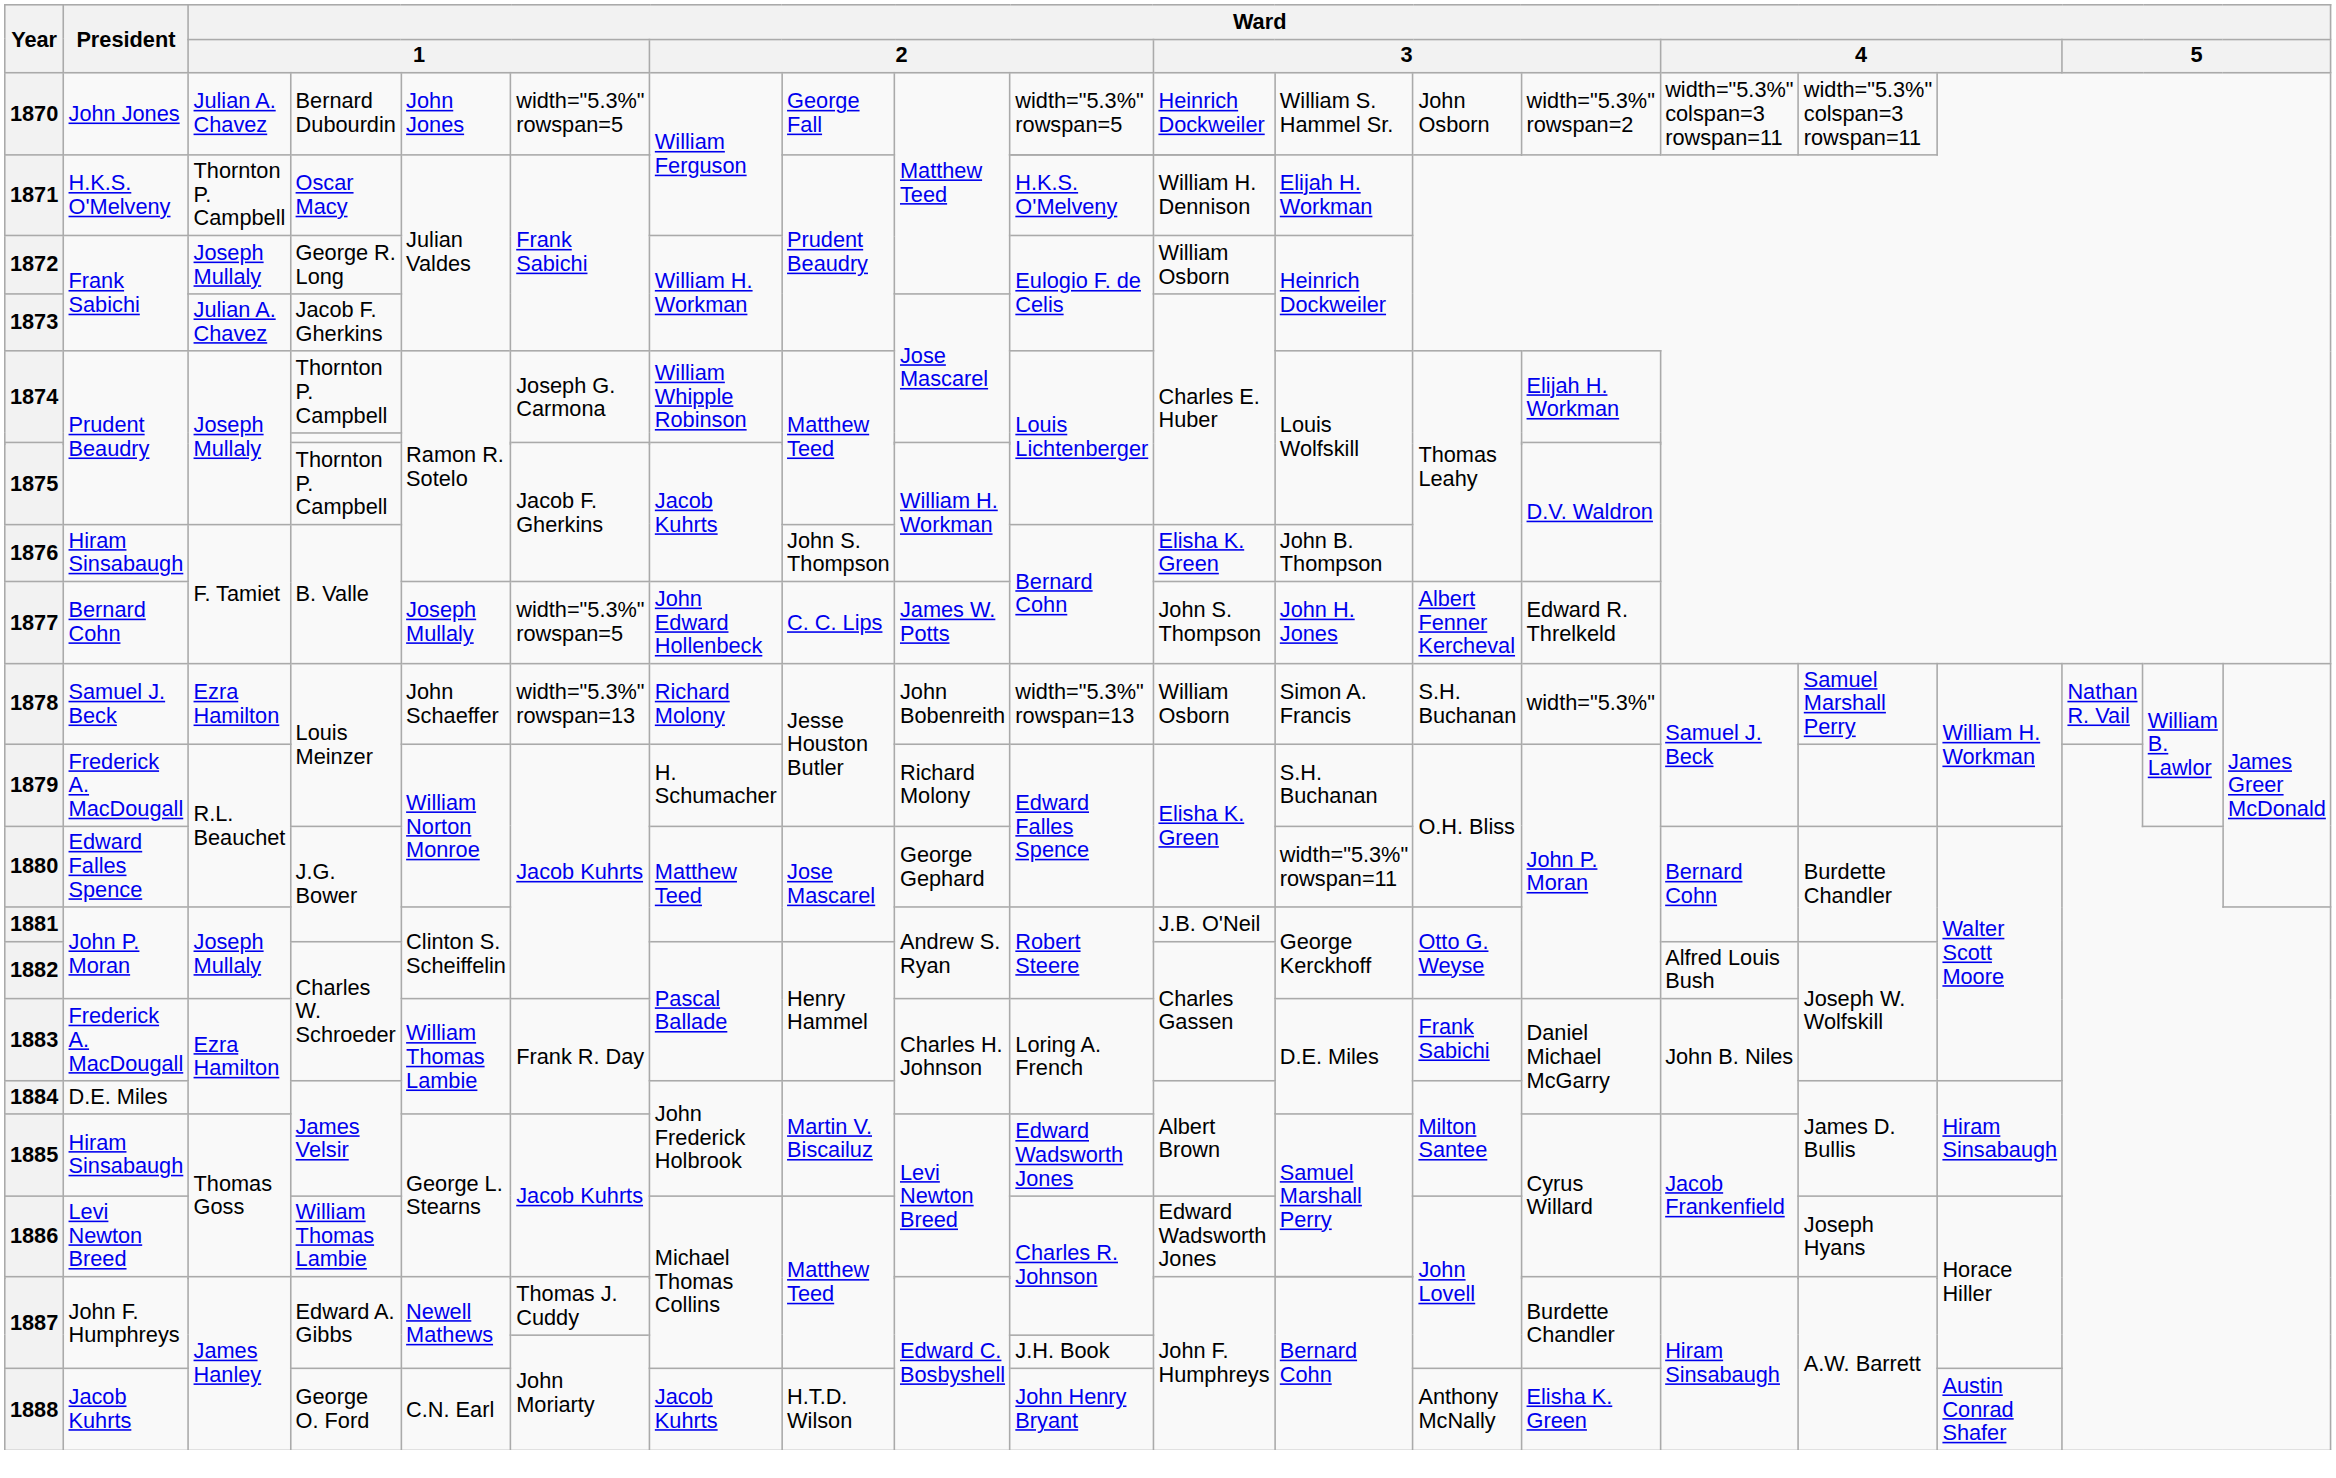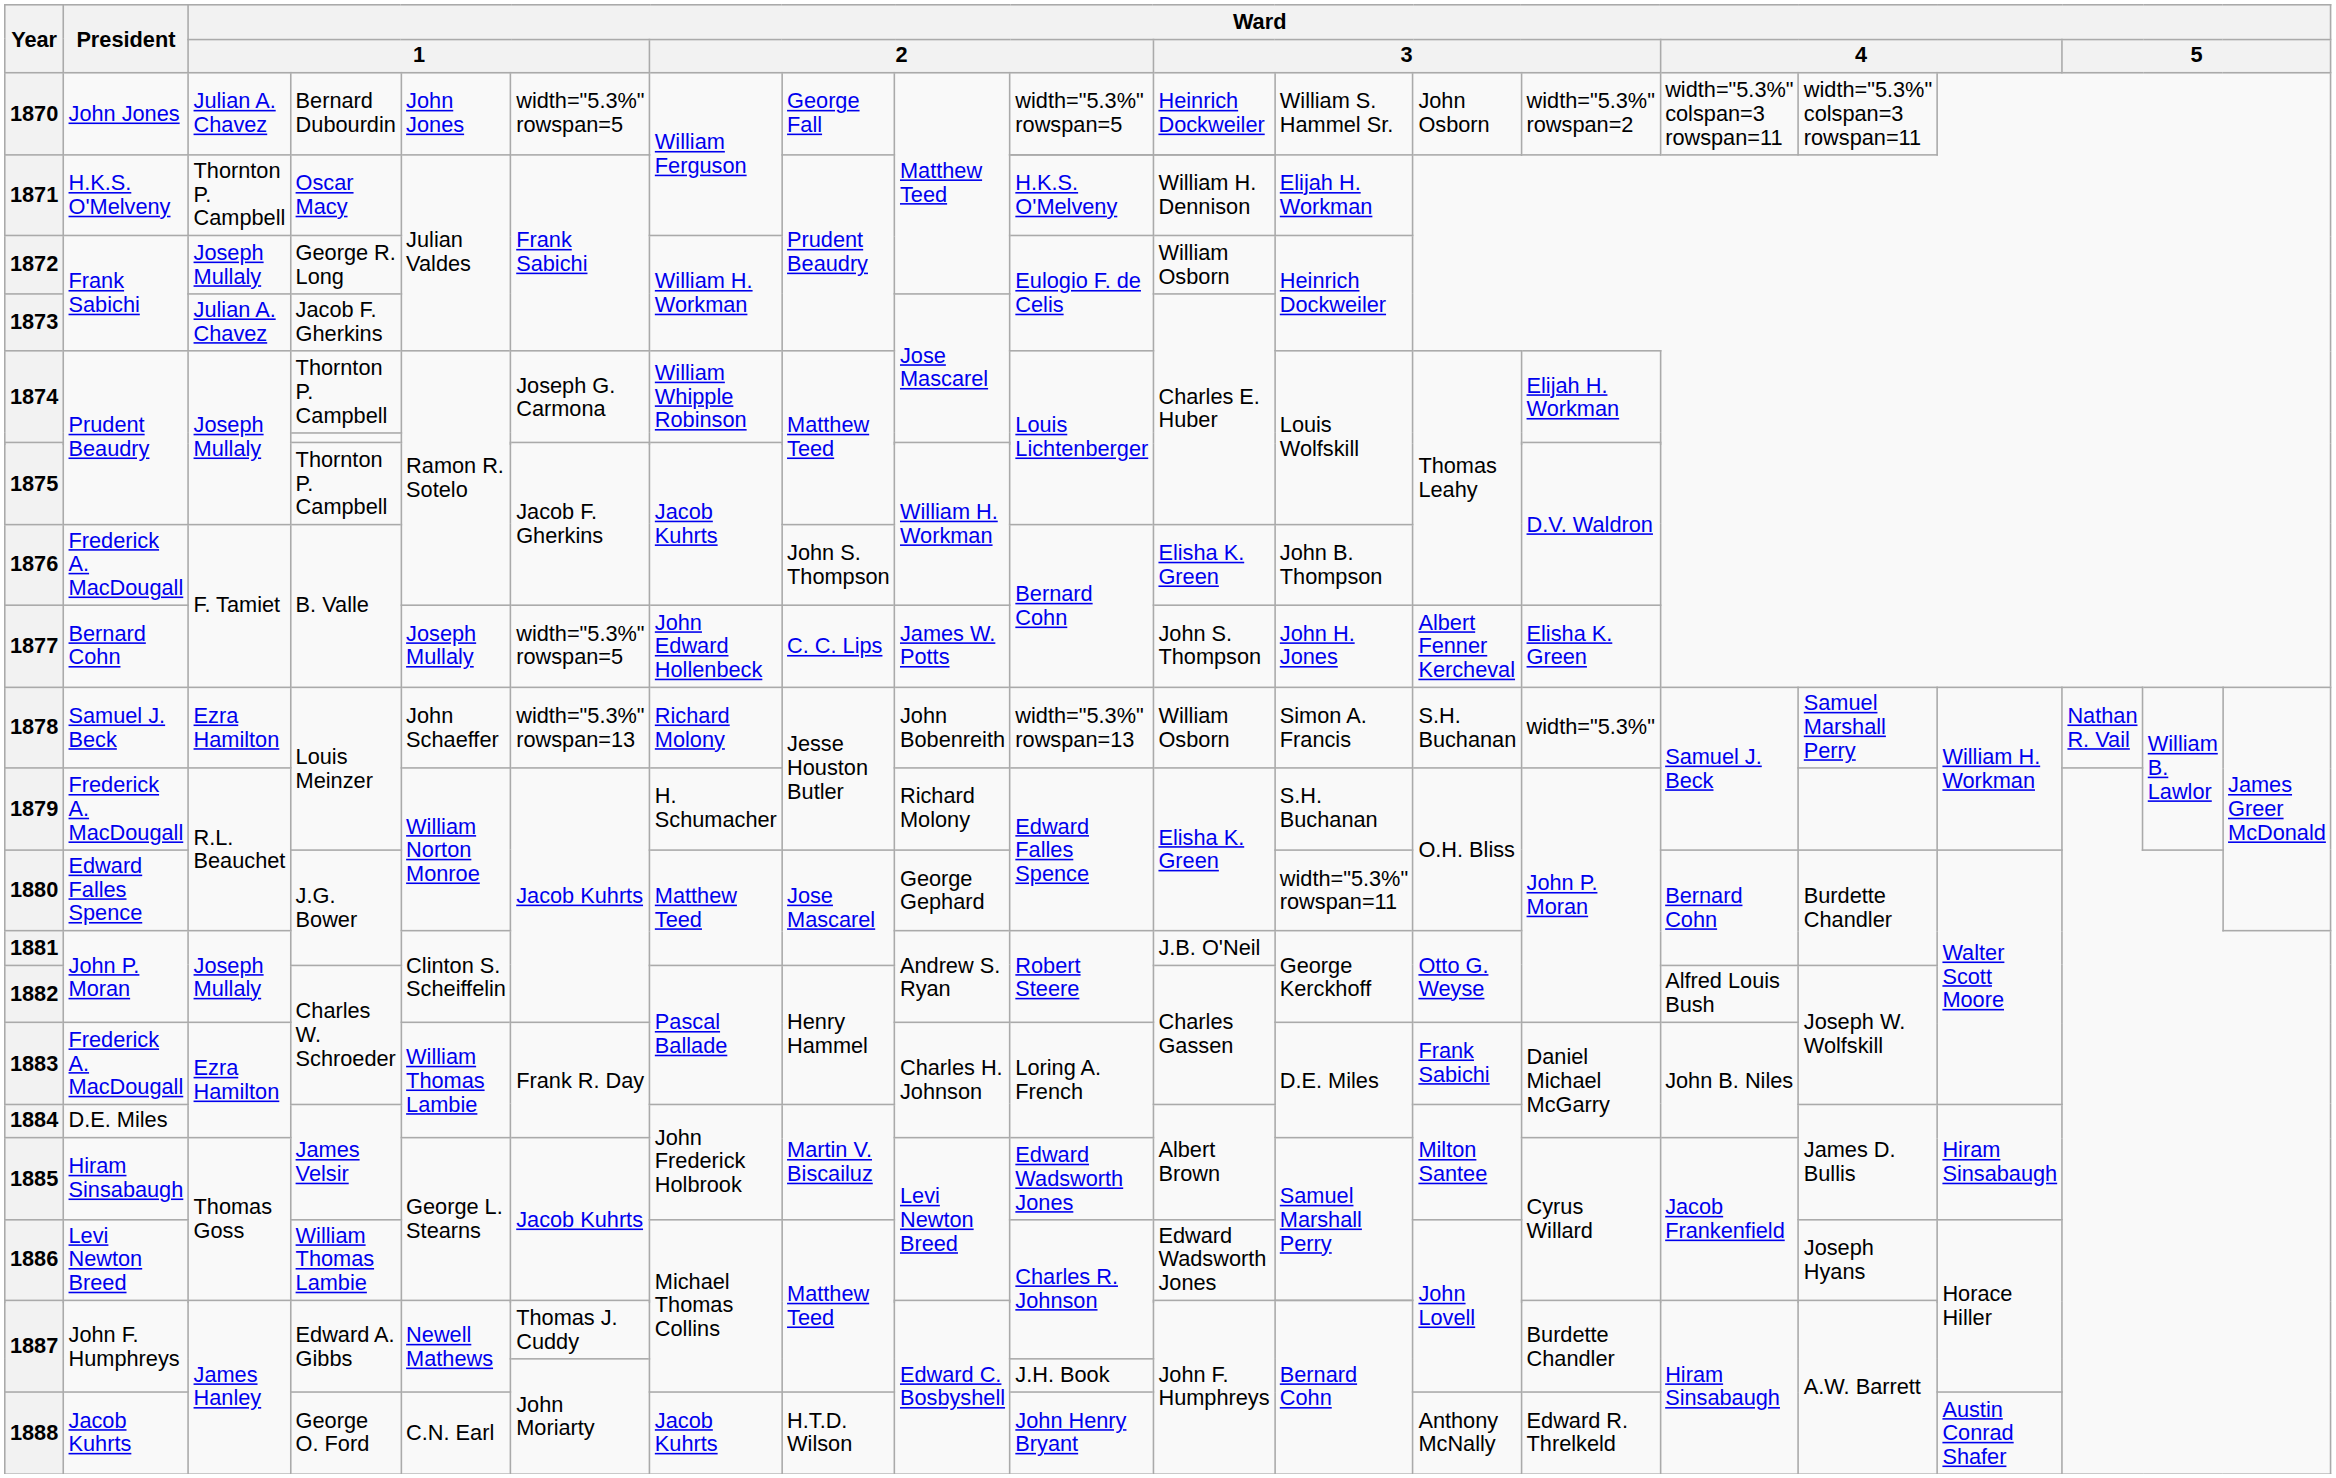 <table class="wikitable" width=100% style="font-size: 86%;">
 <tr>
 <th rowspan="2" width="4.6%">Year</th>
 <th rowspan=2 width="4.6%">President</th>
 <th colspan="18" align="left">Ward</th>
 </tr>
 <tr>
 <th colspan=4>1</th>
 <th colspan=4>2</th>
 <th colspan=4>3</th>
 <th colspan=3>4</th>
 <th colspan=3>5</th>
 </tr>
 <tr>
 <th rowspan=2>1870</th>
 <td width="5.3%" rowspan=2><a href='#'>John Jones</a></td>
 <td width="5.3%" rowspan=2><a href='#'>Julian A. Chavez</a></td>
 <td width="5.3%" rowspan=2>Bernard Dubourdin</td>
 <td width="5.3%" rowspan=2><a href='#'>John Jones</a></td>
 <td>width="5.3%" rowspan=5 </td>
 <td width="5.3%" rowspan=3><a href='#'>William Ferguson</a></td>
 <td width="5.3%" rowspan=2><a href='#'>George Fall</a></td>
 <td width="5.3%" rowspan=4><a href='#'>Matthew Teed</a></td>
 <td>width="5.3%" rowspan=5 </td>
 <td width="5.3%"><a href='#'>Heinrich Dockweiler</a></td>
 <td width="5.3%" rowspan=2>William S. Hammel Sr.</td>
 <td width="5.3%" rowspan=2>John Osborn</td>
 <td>width="5.3%" rowspan=2 </td>
 <td>width="5.3%" colspan=3 rowspan=11 </td>
 <td>width="5.3%" colspan=3 rowspan=11 </td>
 </tr>
 <tr>
 <td width="5.3%" rowspan=4><a href='#'>Frank Sabichi</a></td>
 </tr>
 <tr>
 <th>1871</th>
 <td width="5.3%"><a href='#'>H.K.S. O'Melveny</a></td>
 <td width="5.3%">Thornton P. Campbell</td>
 <td width="5.3%"><a href='#'>Oscar Macy</a></td>
 <td width="5.3%" rowspan=3>Julian Valdes</td>
 <td width="5.3%" rowspan=3><a href='#'>Prudent Beaudry</a></td>
 <td width="5.3%"><a href='#'>H.K.S. O'Melveny</a></td>
 <td width="5.3%">William H. Dennison</td>
 <td width="5.3%"><a href='#'>Elijah H. Workman</a></td>
 </tr>
 <tr>
 <th>1872</th>
 <td width="5.3%" rowspan=2><a href='#'>Frank Sabichi</a></td>
 <td width="5.3%"><a href='#'>Joseph Mullaly</a></td>
 <td width="5.3%">George R. Long</td>
 <td width="5.3%" rowspan=2><a href='#'>William H. Workman</a></td>
 <td width="5.3%" rowspan=2><a href='#'>Eulogio F. de Celis</a></td>
 <td width="5.3%">William Osborn</td>
 <td width="5.3%" rowspan=2><a href='#'>Heinrich Dockweiler</a></td>
 </tr>
 <tr>
 <th>1873</th>
 <td width="5.3%"><a href='#'>Julian A. Chavez</a></td>
 <td width="5.3%">Jacob F. Gherkins</td>
 <td width="5.3%"  rowspan=4><a href='#'>Jose Mascarel</a></td>
 <td width="5.3%" rowspan=5>Charles E. Huber</td>
 </tr>
 <tr>
 <th rowspan=3>1874</th>
 <td width="5.3%" rowspan=4><a href='#'>Prudent Beaudry</a></td>
 <td width="5.3%" rowspan=4><a href='#'>Joseph Mullaly</a></td>
 <td width="5.3%">Thornton P. Campbell</td>
 <td width="5.3%" rowspan=5>Ramon R. Sotelo</td>
 <td width="5.3%" rowspan=3>Joseph G. Carmona</td>
 <td width="5.3%" rowspan=3><a href='#'>William Whipple Robinson</a></td>
 <td width="5.3%" rowspan=4><a href='#'>Matthew Teed</a></td>
 <td width="5.3%" rowspan=4><a href='#'>Louis Lichtenberger</a></td>
 <td width="5.3%" rowspan=4>Louis Wolfskill</td>
 <td width="5.3%" rowspan=5>Thomas Leahy</td>
 <td width="5.3%" rowspan=3><a href='#'>Elijah H. Workman</a></td>
 </tr>
 <tr>
 <td></td>
 </tr>
 <tr>
 <td width="5.3%" rowspan=2>Thornton P. Campbell</td>
 </tr>
 <tr>
 <th>1875</th>
 <td width="5.3%" rowspan=2>Jacob F. Gherkins</td>
 <td width="5.3%" rowspan=2><a href='#'>Jacob Kuhrts</a></td>
 <td width="5.3%" rowspan=2><a href='#'>William H. Workman</a></td>
 <td width="5.3%" rowspan=2><a href='#'>D.V. Waldron</a></td>
 </tr>
 <tr>
 <th>1876</th>
-<td width="5.3%"><a href='#'>Hiram Sinsabaugh</a></td>
+<td width="5.3%" rowspan=1><a href='#'>Frederick A. MacDougall</a></td>
 <td width="5.3%" rowspan=2>F. Tamiet</td>
 <td width="5.3%" rowspan=2>B. Valle</td>
 <td width="5.3%">John S. Thompson</td>
 <td width="5.3%" rowspan=2><a href='#'>Bernard Cohn</a></td>
 <td width="5.3%"><a href='#'>Elisha K. Green</a></td>
 <td width="5.3%">John B. Thompson</td>
 </tr>
 <tr>
 <th>1877</th>
 <td width="5.3%" rowspan=1><a href='#'>Bernard Cohn</a></td>
 <td width="5.3%"><a href='#'>Joseph Mullaly</a></td>
 <td>width="5.3%" rowspan=5 </td>
 <td width="5.3%"><a href='#'>John Edward Hollenbeck</a></td>
 <td width="5.3%"><a href='#'>C. C. Lips</a></td>
 <td width="5.3%"><a href='#'>James W. Potts</a></td>
 <td width="5.3%">John S. Thompson</td>
 <td width="5.3%"><a href='#'>John H. Jones</a></td>
 <td width="5.3%"><a href='#'>Albert Fenner Kercheval</a></td>
-<td width="5.3%">Edward R. Threlkeld</td>
+<td width="5.3%"><a href='#'>Elisha K. Green</a></td>
 </tr>
 <tr>
 <th>1878</th>
 <td width="5.3%"><a href='#'>Samuel J. Beck</a></td>
 <td width="5.3%"><a href='#'>Ezra Hamilton</a></td>
 <td width="5.3%" rowspan=2>Louis Meinzer</td>
 <td width="5.3%">John Schaeffer</td>
 <td>width="5.3%" rowspan=13</td>
 <td width="5.3%"><a href='#'>Richard Molony</a></td>
 <td width="5.3%" rowspan=2>Jesse Houston Butler</td>
 <td width="5.3%">John Bobenreith</td>
 <td>width="5.3%" rowspan=13</td>
 <td width="5.3%">William Osborn</td>
 <td width="5.3%">Simon A. Francis</td>
 <td width="5.3%">S.H. Buchanan</td>
 <td>width="5.3%" </td>
 <td width="5.3%" rowspan=2><a href='#'>Samuel J. Beck</a></td>
 <td width="5.3%"><a href='#'>Samuel Marshall Perry</a></td>
 <td width="5.3%" rowspan=2><a href='#'>William H. Workman</a></td>
 <td width="5.3%"><a href='#'>Nathan R. Vail</a></td>
 <td width="5.3%" rowspan=2><a href='#'>William B. Lawlor</a></td>
 <td width="5.3%" rowspan=3><a href='#'>James Greer McDonald</a></td>
 </tr>
 <tr>
 <th>1879</th>
 <td width="5.3%" rowspan=1><a href='#'>Frederick A. MacDougall</a></td>
 <td width="5.3%" rowspan=2>R.L. Beauchet</td>
 <td width="5.3%" rowspan=2><a href='#'>William Norton Monroe</a></td>
 <td width="5.3%" rowspan=4><a href='#'>Jacob Kuhrts</a></td>
 <td width="5.3%">H. Schumacher</td>
 <td width="5.3%">Richard Molony</td>
 <td width="5.3%" rowspan=2><a href='#'>Edward Falles Spence</a></td>
 <td width="5.3%" rowspan=2><a href='#'>Elisha K. Green</a></td>
 <td width="5.3%">S.H. Buchanan</td>
 <td rowspan=2 width="5.3%">O.H. Bliss</td>
 <td width="5.3%" rowspan=4><a href='#'>John P. Moran</a></td>
 </tr>
 <tr>
 <th>1880</th>
 <td width="5.3%"><a href='#'>Edward Falles Spence</a></td>
 <td width="5.3%" rowspan=2>J.G. Bower</td>
 <td width="5.3%" rowspan=2><a href='#'>Matthew Teed</a></td>
 <td width="5.3%" rowspan=2><a href='#'>Jose Mascarel</a></td>
 <td width="5.3%">George Gephard</td>
 <td>width="5.3%" rowspan=11</td>
 <td width="5.3%" rowspan=2><a href='#'>Bernard Cohn</a></td>
 <td width="5.3%" rowspan=2>Burdette Chandler</td>
 <td width="5.3%" rowspan=4><a href='#'>Walter Scott Moore</a></td>
 </tr>
 <tr>
 <th>1881</th>
 <td width="5.3%" rowspan=2><a href='#'>John P. Moran</a></td>
 <td width="5.3%" rowspan=2><a href='#'>Joseph Mullaly</a></td>
 <td width="5.3%" rowspan=2>Clinton S. Scheiffelin</td>
 <td width="5.3%" rowspan=2>Andrew S. Ryan</td>
 <td width="5.3%" rowspan=2><a href='#'>Robert Steere</a></td>
 <td width="5.3%">J.B. O'Neil</td>
 <td width="5.3%" rowspan=2>George Kerckhoff</td>
 <td width="5.3%" rowspan=2><a href='#'>Otto G. Weyse</a></td>
 </tr>
 <tr>
 <th>1882</th>
 <td width="5.3%" rowspan=2>Charles W. Schroeder</td>
 <td width="5.3%" rowspan=2><a href='#'>Pascal Ballade</a></td>
 <td width="5.3%" rowspan=2>Henry Hammel</td>
 <td width="5.3%" rowspan=2>Charles Gassen</td>
 <td width="5.3%">Alfred Louis Bush</td>
 <td width="5.3%" rowspan=2>Joseph W. Wolfskill</td>
 </tr>
 <tr>
 <th>1883</th>
 <td width="5.3%" rowspan=1><a href='#'>Frederick A. MacDougall</a></td>
 <td width="5.3%" rowspan=2><a href='#'>Ezra Hamilton</a></td>
 <td width="5.3%" rowspan=2><a href='#'>William Thomas Lambie</a></td>
 <td width="5.3%" rowspan=2>Frank R. Day</td>
 <td width="5.3%" rowspan=2>Charles H. Johnson</td>
 <td width="5.3%" rowspan=2>Loring A. French</td>
 <td width="5.3%" rowspan=2>D.E. Miles</td>
 <td width="5.3%"><a href='#'>Frank Sabichi</a></td>
 <td width="5.3%" rowspan=2>Daniel Michael McGarry</td>
 <td width="5.3%" rowspan=2>John B. Niles</td>
 </tr>
 <tr>
 <th>1884</th>
 <td width="5.3%">D.E. Miles</td>
 <td width="5.3%" rowspan=2><a href='#'>James Velsir</a></td>
 <td width="5.3%" rowspan=2>John Frederick Holbrook</td>
 <td width="5.3%" rowspan=2><a href='#'>Martin V. Biscailuz</a></td>
 <td width="5.3%" rowspan=2>Albert Brown</td>
 <td width="5.3%" rowspan=2><a href='#'>Milton Santee</a></td>
 <td width="5.3%" rowspan=2>James D. Bullis</td>
 <td width="5.3%" rowspan=2><a href='#'>Hiram Sinsabaugh</a></td>
 </tr>
 <tr>
 <th>1885</th>
 <td width="5.3%"><a href='#'>Hiram Sinsabaugh</a></td>
 <td width="5.3%" rowspan=3>Thomas Goss</td>
 <td width="5.3%" rowspan=3>George L. Stearns</td>
 <td width="5.3%" rowspan=3><a href='#'>Jacob Kuhrts</a></td>
 <td width="5.3%" rowspan=3><a href='#'>Levi Newton Breed</a></td>
 <td width="5.3%"><a href='#'>Edward Wadsworth Jones</a></td>
 <td width="5.3%" rowspan=2><a href='#'>Samuel Marshall Perry</a></td>
 <td width="5.3%" rowspan=3>Cyrus Willard</td>
 <td width="5.3%" rowspan=3><a href='#'>Jacob Frankenfield</a></td>
 </tr>
 <tr>
 <th rowspan=2>1886</th>
 <td width="5.3%" rowspan=2><a href='#'>Levi Newton Breed</a></td>
 <td width="5.3%"><a href='#'>William Thomas Lambie</a></td>
 <td width="5.3%" rowspan=4>Michael Thomas Collins</td>
 <td width="5.3%" rowspan=4><a href='#'>Matthew Teed</a></td>
 <td width="5.3%" rowspan=3><a href='#'>Charles R. Johnson</a></td>
 <td width="5.3%" rowspan=2>Edward Wadsworth Jones</td>
 <td width="5.3%" rowspan=4><a href='#'>John Lovell</a></td>
 <td width="5.3%" rowspan=2>Joseph Hyans</td>
 <td width="5.3%" rowspan=4>Horace Hiller</td>
 </tr>
 <tr>
 <td width="5.3%" rowspan=3>Edward A. Gibbs</td>
 </tr>
 <tr>
 <th rowspan=2>1887</th>
 <td width="5.3%" rowspan=2>John F. Humphreys</td>
 <td width="5.3%" rowspan=3><a href='#'>James Hanley</a></td>
 <td width="5.3%" rowspan=2><a href='#'>Newell Mathews</a></td>
 <td width="5.3%" rowspan=1>Thomas J. Cuddy</td>
 <td width="5.3%" rowspan=3><a href='#'>Edward C. Bosbyshell</a></td>
 <td width="5.3%" rowspan=3>John F. Humphreys</td>
 <td width="5.3%" rowspan=3><a href='#'>Bernard Cohn</a></td>
 <td width="5.3%" rowspan=2>Burdette Chandler</td>
 <td width="5.3%" rowspan=3><a href='#'>Hiram Sinsabaugh</a></td>
 <td width="5.3%" rowspan=3>A.W. Barrett</td>
 </tr>
 <tr>
 <td width="5.3%" rowspan=2>John Moriarty</td>
 <td width="5.3%" rowspan=1>J.H. Book</td>
 </tr>
 <tr>
 <th>1888</th>
 <td width="5.3%"><a href='#'>Jacob Kuhrts</a></td>
 <td width="5.3%">George O. Ford</td>
 <td width="5.3%">C.N. Earl</td>
 <td width="5.3%"><a href='#'>Jacob Kuhrts</a></td>
 <td width="5.3%">H.T.D. Wilson</td>
 <td width="5.3%"><a href='#'>John Henry Bryant</a></td>
 <td width="5.3%">Anthony McNally</td>
-<td width="5.3%"><a href='#'>Elisha K. Green</a></td>
+<td width="5.3%">Edward R. Threlkeld</td>
 <td width="5.3%"><a href='#'>Austin Conrad Shafer</a></td>
 </tr>
 </table>
